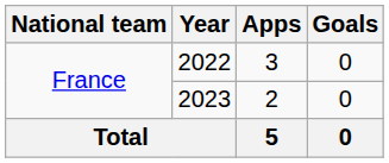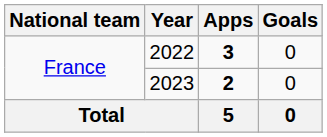 <table class="wikitable" style="text-align: center;">
 <tr>
 <th>National team</th>
 <th>Year</th>
 <th>Apps</th>
 <th>Goals</th>
 </tr>
 <tr>
 <td rowspan="2"><a href='#'>France</a></td>
 <td>2022</td>
-<td>3</td>
+<td><strong>3</strong></td>
 <td>0</td>
 </tr>
 <tr>
 <td>2023</td>
-<td>2</td>
+<td><strong>2</strong></td>
 <td>0</td>
 </tr>
 <tr>
 <th colspan="2">Total</th>
 <th>5</th>
 <th>0</th>
 </tr>
 </table>
